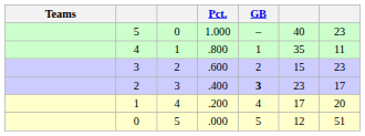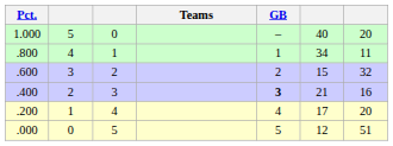 <table class="wikitable" style="text-align:center;">
 <tr>
-<th width=150px>Teams</th>
+<th width=50px><a href='#'>Pct.</a></th>
 <th width=50px></th>
 <th width=50px></th>
-<th width=50px><a href='#'>Pct.</a></th>
+<th width=150px>Teams</th>
 <th width=50px><a href='#'>GB</a></th>
 <th width=50px></th>
 <th width=50px></th>
 </tr>
 <tr style="background-color:#ccffcc">
-<td align=left></td>
+<td>1.000</td>
 <td>5</td>
 <td>0</td>
-<td>1.000</td>
+<td align=left></td>
 <td>–</td>
 <td>40</td>
-<td>23</td>
+<td>20</td>
 </tr>
 <tr style="background-color:#ccffcc">
-<td align=left></td>
+<td>.800</td>
 <td>4</td>
 <td>1</td>
-<td>.800</td>
+<td align=left></td>
 <td>1</td>
-<td>35</td>
+<td>34</td>
 <td>11</td>
 </tr>
 <tr style="background-color:#ccccff">
-<td align=left></td>
+<td>.600</td>
 <td>3</td>
 <td>2</td>
-<td>.600</td>
+<td align=left></td>
 <td>2</td>
 <td>15</td>
-<td>23</td>
+<td>32</td>
 </tr>
 <tr style="background-color:#ccccff">
-<td align=left></td>
+<td>.400</td>
 <td>2</td>
 <td>3</td>
-<td>.400</td>
+<td align=left></td>
 <td><strong>3</strong></td>
-<td>23</td>
-<td>17</td>
+<td>21</td>
+<td>16</td>
 </tr>
 <tr style="background-color:#ffffcc">
-<td align=left></td>
+<td>.200</td>
 <td>1</td>
 <td>4</td>
-<td>.200</td>
+<td align=left></td>
 <td>4</td>
 <td>17</td>
 <td>20</td>
 </tr>
 <tr style="background-color:#ffffcc">
-<td align=left></td>
+<td>.000</td>
 <td>0</td>
 <td>5</td>
-<td>.000</td>
+<td align=left></td>
 <td>5</td>
 <td>12</td>
 <td>51</td>
 </tr>
 </table>
